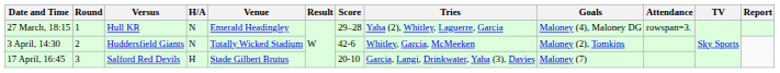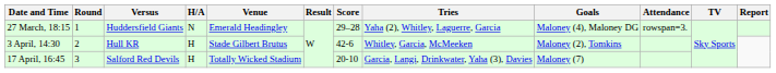 <table class="wikitable" style="font-size:85%;">
 <tr>
 <th>Date and Time</th>
 <th>Round</th>
 <th>Versus</th>
 <th>H/A</th>
 <th>Venue</th>
 <th>Result</th>
 <th>Score</th>
 <th>Tries</th>
 <th>Goals</th>
 <th>Attendance</th>
 <th>TV</th>
 <th>Report</th>
 </tr>
 <tr style="background:#ddffdd;">
 <td>27 March, 18:15</td>
 <td>1</td>
-<td> <a href='#'>Hull KR</a></td>
+<td> <a href='#'>Huddersfield Giants</a></td>
 <td>N</td>
 <td><a href='#'>Emerald Headingley</a></td>
 <td Rowspan=3>W</td>
 <td>29–28</td>
 <td><a href='#'>Yaha</a> (2), <a href='#'>Whitley</a>, <a href='#'>Laguerre</a>, <a href='#'>Garcia</a></td>
 <td><a href='#'>Maloney</a> (4), Maloney DG</td>
 <td>rowspan=3.</td>
 <td rowspan=3><a href='#'>Sky Sports</a></td>
 <td></td>
 </tr>
 <tr style="background:#ddffdd;">
 <td>3 April, 14:30</td>
 <td>2</td>
-<td> <a href='#'>Huddersfield Giants</a></td>
-<td>N</td>
-<td><a href='#'>Totally Wicked Stadium</a></td>
+<td> <a href='#'>Hull KR</a></td>
+<td>H</td>
+<td><a href='#'>Stade Gilbert Brutus</a></td>
 <td>42-6</td>
 <td><a href='#'>Whitley</a>, <a href='#'>Garcia</a>, <a href='#'>McMeeken</a></td>
 <td><a href='#'>Maloney</a> (2), <a href='#'>Tomkins</a></td>
 <td><br></td>
 </tr>
 <tr style="background:#ddffdd;">
 <td>17 April, 16:45</td>
 <td>3</td>
 <td> <a href='#'>Salford Red Devils</a></td>
 <td>H</td>
-<td><a href='#'>Stade Gilbert Brutus</a></td>
+<td><a href='#'>Totally Wicked Stadium</a></td>
 <td>20-10</td>
 <td><a href='#'>Garcia</a>, <a href='#'>Langi</a>, <a href='#'>Drinkwater</a>, <a href='#'>Yaha</a> (3), <a href='#'>Davies</a></td>
 <td><a href='#'>Maloney</a> (7)</td>
 <td></td>
 </tr>
 </table>
